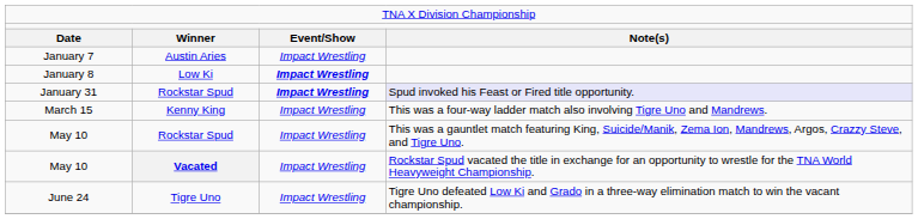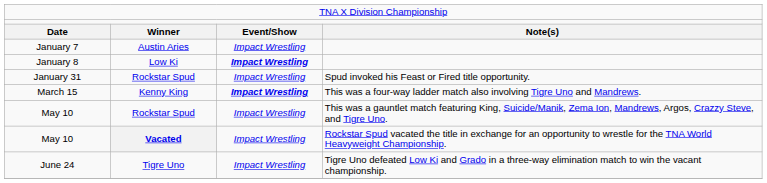 <table class="wikitable" style="text-align:center; width:100%;">
 <tr>
 <td colspan="5"><a href='#'>TNA X Division Championship</a></td>
 </tr>
 <tr>
 <td colspan="5"><strong></strong></td>
 </tr>
 <tr>
 <th width="14%">Date</th>
 <th width="14%">Winner</th>
 <th width="14%">Event/Show</th>
 <th width="58%">Note(s)</th>
 </tr>
 <tr>
 <td>January 7</td>
 <td><a href='#'>Austin Aries</a></td>
 <td><em><a href='#'>Impact Wrestling</a></em></td>
 <td align=left></td>
 </tr>
 <tr>
 <td>January 8<br></td>
 <td><a href='#'>Low Ki</a></td>
 <td><strong><em><a href='#'>Impact Wrestling</a></em></strong></td>
 <td></td>
 </tr>
 <tr>
 <td>January 31<br></td>
 <td><a href='#'>Rockstar Spud</a></td>
-<td><strong><em><a href='#'>Impact Wrestling</a></em></strong></td>
-<td align=left style="background: lavender;">Spud invoked his Feast or Fired title opportunity.</td>
+<td><em><a href='#'>Impact Wrestling</a></em></td>
+<td align=left>Spud invoked his Feast or Fired title opportunity.</td>
 </tr>
 <tr>
 <td>March 15<br></td>
 <td><a href='#'>Kenny King</a></td>
-<td><em><a href='#'>Impact Wrestling</a></em></td>
+<td><strong><em><a href='#'>Impact Wrestling</a></em></strong></td>
 <td align=left>This was a four-way ladder match also involving <a href='#'>Tigre Uno</a> and <a href='#'>Mandrews</a>.</td>
 </tr>
 <tr>
 <td>May 10<br></td>
 <td><a href='#'>Rockstar Spud</a></td>
 <td><em><a href='#'>Impact Wrestling</a></em></td>
 <td align=left>This was a gauntlet match featuring King, <a href='#'>Suicide/Manik</a>, <a href='#'>Zema Ion</a>, <a href='#'>Mandrews</a>, Argos, <a href='#'>Crazzy Steve</a>, and <a href='#'>Tigre Uno</a>.</td>
 </tr>
 <tr>
 <td>May 10<br></td>
 <th><a href='#'>Vacated</a></th>
 <td><em><a href='#'>Impact Wrestling</a></em></td>
 <td align=left><a href='#'>Rockstar Spud</a> vacated the title in exchange for an opportunity to wrestle for the <a href='#'>TNA World Heavyweight Championship</a>.</td>
 </tr>
 <tr>
 <td>June 24</td>
 <td><a href='#'>Tigre Uno</a></td>
 <td><em><a href='#'>Impact Wrestling</a></em></td>
 <td align=left>Tigre Uno defeated <a href='#'>Low Ki</a> and <a href='#'>Grado</a> in a three-way elimination match to win the vacant championship.</td>
 </tr>
 <tr>
 </tr>
 </table>
